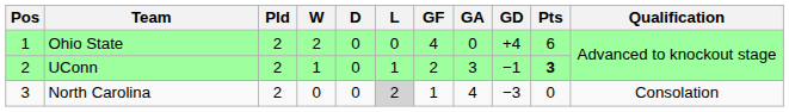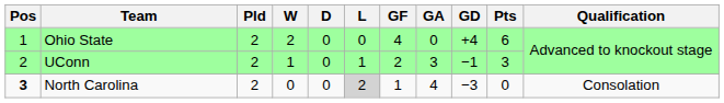 <table class="wikitable" style="text-align:center; margin: 1em auto">
 <tr>
 <th style="width:2em">Pos</th>
 <th style="width:13em">Team</th>
 <th style="width:2em">Pld</th>
 <th style="width:2em">W</th>
 <th style="width:2em">D</th>
 <th style="width:2em">L</th>
 <th style="width:2em">GF</th>
 <th style="width:2em">GA</th>
 <th style="width:2em">GD</th>
 <th style="width:2em">Pts</th>
 <th style="width:13em">Qualification</th>
 </tr>
 <tr bgcolor="#9eff9e">
 <td>1</td>
 <td style="text-align:left">Ohio State</td>
 <td>2</td>
 <td>2</td>
 <td>0</td>
 <td>0</td>
 <td>4</td>
 <td>0</td>
 <td>+4</td>
 <td>6</td>
 <td rowspan="2">Advanced to knockout stage</td>
 </tr>
 <tr bgcolor="#9eff9e">
 <td>2</td>
 <td style="text-align:left">UConn</td>
 <td>2</td>
 <td>1</td>
 <td>0</td>
 <td>1</td>
 <td>2</td>
 <td>3</td>
 <td>−1</td>
-<td><strong>3</strong></td>
+<td>3</td>
 </tr>
 <tr>
-<td>3</td>
+<td><strong>3</strong></td>
 <td style="text-align:left">North Carolina</td>
 <td>2</td>
 <td>0</td>
 <td>0</td>
 <td style="background: lightgrey;">2</td>
 <td>1</td>
 <td>4</td>
 <td>−3</td>
 <td>0</td>
 <td>Consolation</td>
 </tr>
 </table>
